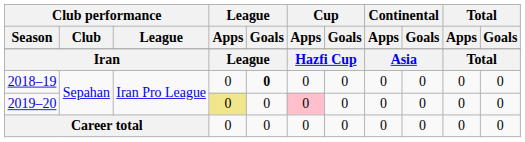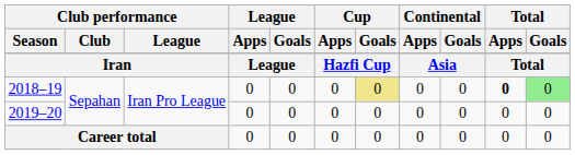 <table class="wikitable" style="text-align:center">
 <tr>
 <th colspan=3>Club performance</th>
 <th colspan=2>League</th>
 <th colspan=2>Cup</th>
 <th colspan=2>Continental</th>
 <th colspan=2>Total</th>
 </tr>
 <tr>
 <th>Season</th>
 <th>Club</th>
 <th>League</th>
 <th>Apps</th>
 <th>Goals</th>
 <th>Apps</th>
 <th>Goals</th>
 <th>Apps</th>
 <th>Goals</th>
 <th>Apps</th>
 <th>Goals</th>
 </tr>
 <tr>
 </tr>
 <tr>
 <th colspan=3>Iran</th>
 <th colspan=2>League</th>
 <th colspan=2><a href='#'>Hazfi Cup</a></th>
 <th colspan=2><a href='#'>Asia</a></th>
 <th colspan=2>Total</th>
 </tr>
 <tr>
 <td><a href='#'>2018–19</a></td>
 <td rowspan="2"><a href='#'>Sepahan</a></td>
 <td rowspan="2"><a href='#'>Iran Pro League</a></td>
 <td>0</td>
+<td>0</td>
+<td>0</td>
+<td style="background: khaki;">0</td>
+<td>0</td>
+<td>0</td>
 <td><strong>0</strong></td>
+<td style="background: lightgreen;">0</td>
+</tr>
+<tr>
+<td><a href='#'>2019–20</a></td>
 <td>0</td>
 <td>0</td>
 <td>0</td>
-<td>0</td>
-<td>0</td>
-<td>0</td>
-</tr>
-<tr>
-<td><a href='#'>2019–20</a></td>
-<td style="background: khaki;">0</td>
-<td>0</td>
-<td style="background: pink;">0</td>
 <td>0</td>
 <td>0</td>
 <td>0</td>
 <td>0</td>
 <td>0</td>
 </tr>
 <tr>
 <th colspan=3>Career total</th>
 <td>0</td>
 <td>0</td>
 <td>0</td>
 <td>0</td>
 <td>0</td>
 <td>0</td>
 <td>0</td>
 <td>0</td>
 </tr>
 </table>
